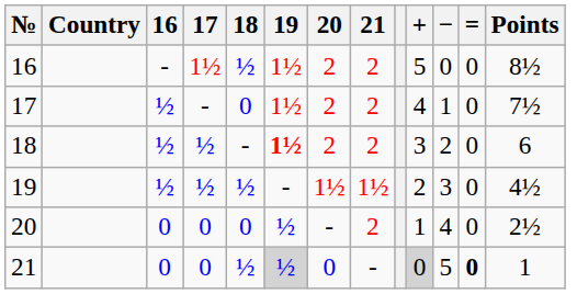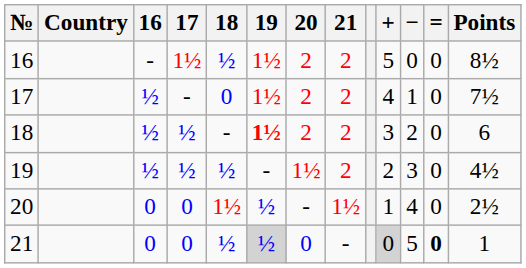 <table class="wikitable" style="text-align:center">
 <tr>
 <th>№</th>
 <th>Country</th>
 <th>16</th>
 <th>17</th>
 <th>18</th>
 <th>19</th>
 <th>20</th>
 <th>21</th>
 <th></th>
 <th>+</th>
 <th>−</th>
 <th>=</th>
 <th>Points</th>
 </tr>
 <tr>
 <td>16</td>
 <td style="text-align: left"></td>
 <td>-</td>
 <td style="color:red;">1½</td>
 <td style="color:blue;">½</td>
 <td style="color:red;">1½</td>
 <td style="color:red;">2</td>
 <td style="color:red;">2</td>
 <th></th>
 <td>5</td>
 <td>0</td>
 <td>0</td>
 <td>8½</td>
 </tr>
 <tr>
 <td>17</td>
 <td style="text-align: left"></td>
 <td style="color:blue;">½</td>
 <td>-</td>
 <td style="color:blue;">0</td>
 <td style="color:red;">1½</td>
 <td style="color:red;">2</td>
 <td style="color:red;">2</td>
 <th></th>
 <td>4</td>
 <td>1</td>
 <td>0</td>
 <td>7½</td>
 </tr>
 <tr>
 <td>18</td>
 <td style="text-align: left"></td>
 <td style="color:blue;">½</td>
 <td style="color:blue;">½</td>
 <td>-</td>
 <td style="color:red;"><strong>1½</strong></td>
 <td style="color:red;">2</td>
 <td style="color:red;">2</td>
 <th></th>
 <td>3</td>
 <td>2</td>
 <td>0</td>
 <td>6</td>
 </tr>
 <tr>
 <td>19</td>
 <td style="text-align: left"></td>
 <td style="color:blue;">½</td>
 <td style="color:blue;">½</td>
 <td style="color:blue;">½</td>
 <td>-</td>
 <td style="color:red;">1½</td>
-<td style="color:red;">1½</td>
+<td style="color:red;">2</td>
 <th></th>
 <td>2</td>
 <td>3</td>
 <td>0</td>
 <td>4½</td>
 </tr>
 <tr>
 <td>20</td>
 <td style="text-align: left"></td>
 <td style="color:blue;">0</td>
 <td style="color:blue;">0</td>
-<td style="color:blue;">0</td>
+<td style="color:red;">1½</td>
 <td style="color:blue;">½</td>
 <td>-</td>
-<td style="color:red;">2</td>
+<td style="color:red;">1½</td>
 <th></th>
 <td>1</td>
 <td>4</td>
 <td>0</td>
 <td>2½</td>
 </tr>
 <tr>
 <td>21</td>
 <td style="text-align: left"></td>
 <td style="color:blue;">0</td>
 <td style="color:blue;">0</td>
 <td style="color:blue;">½</td>
 <td style="background: lightgrey; color:blue;">½</td>
 <td style="color:blue;">0</td>
 <td>-</td>
 <th></th>
 <td style="background: lightgrey;">0</td>
 <td>5</td>
 <td><strong>0</strong></td>
 <td>1</td>
 </tr>
 </table>
